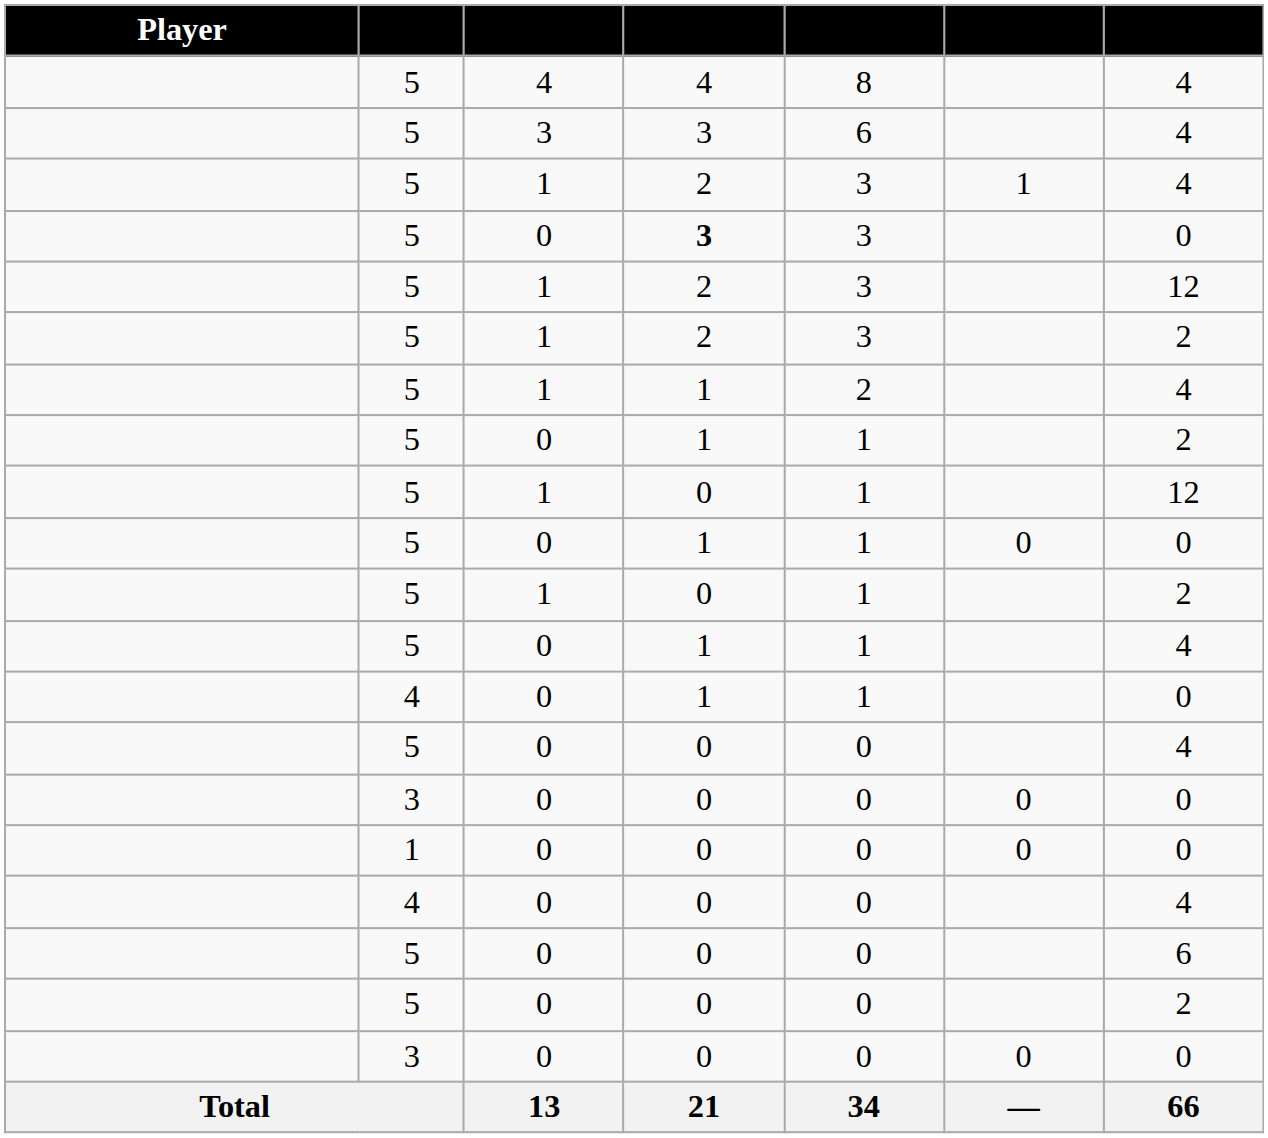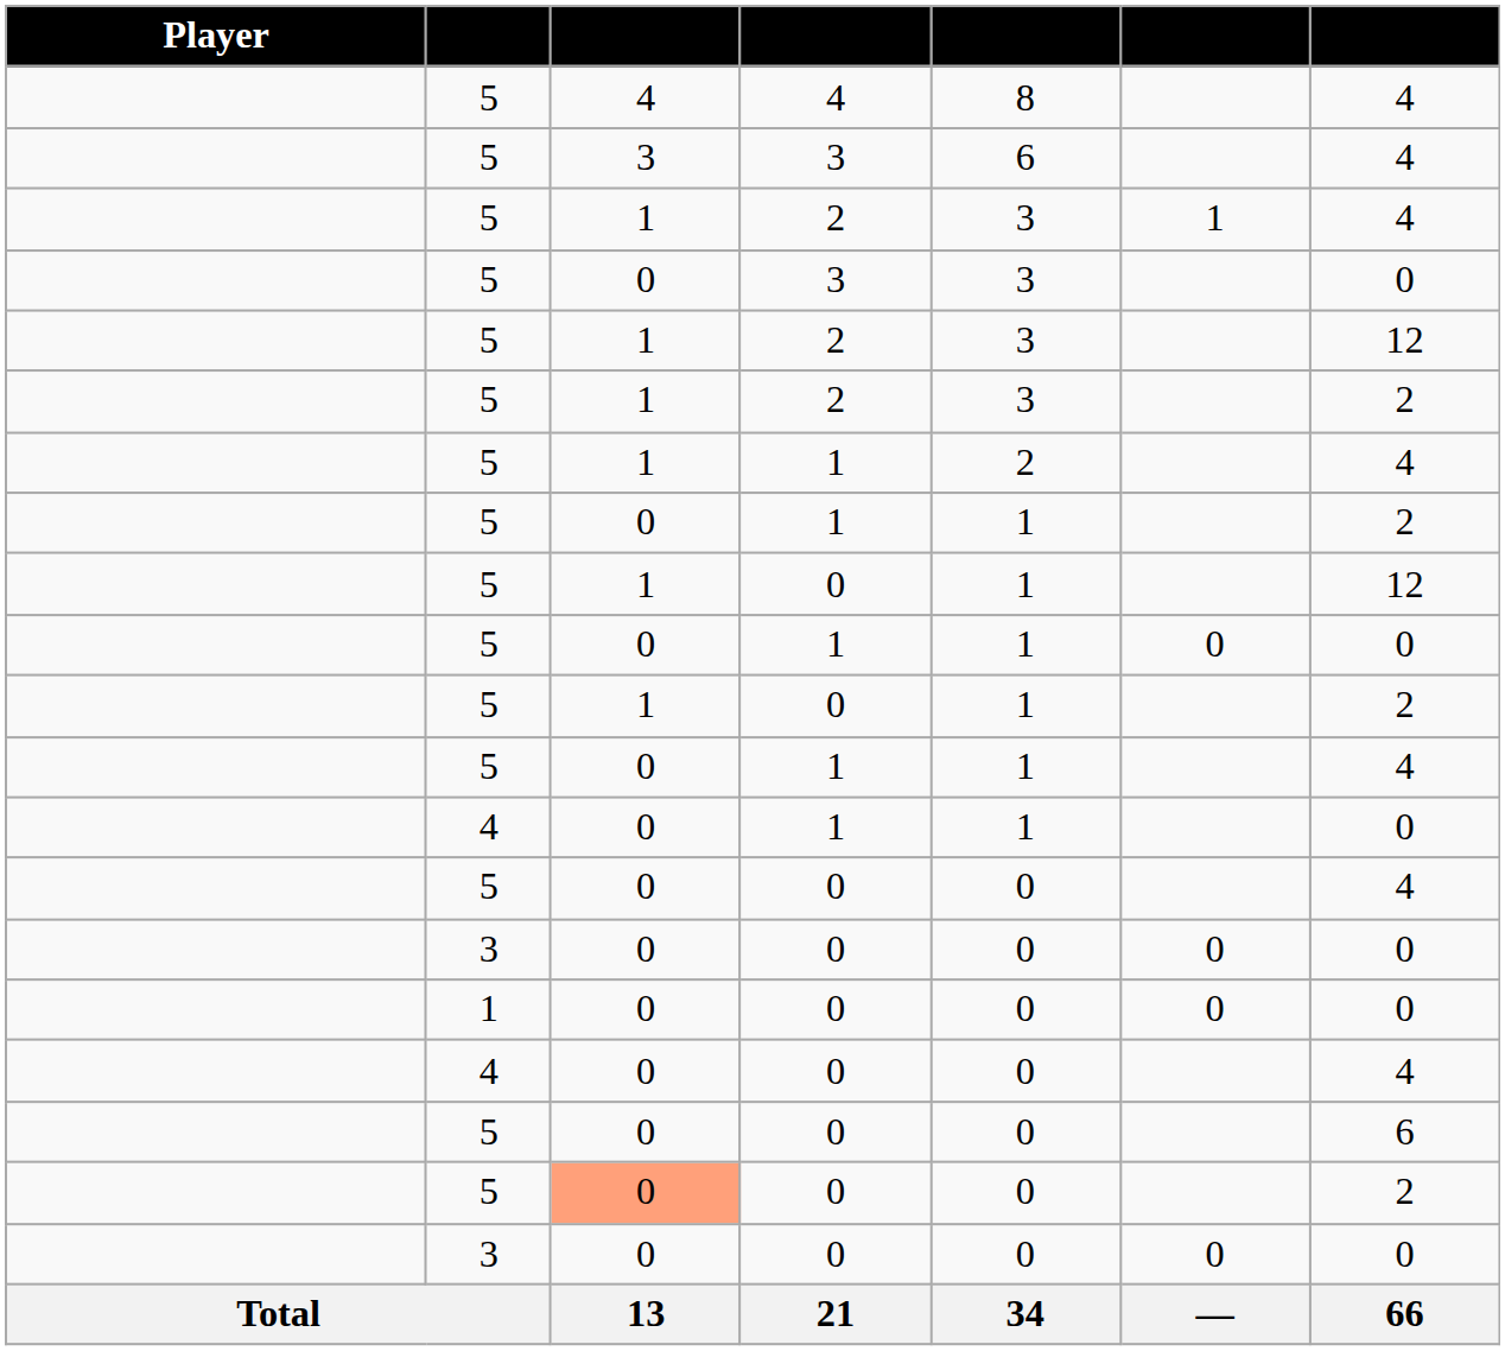 <table class="wikitable sortable" style="width:100%; text-align:center;">
 <tr>
 <th style="color:white; background:#000000; ">Player</th>
 <th style="color:white; background:#000000; "></th>
 <th style="color:white; background:#000000; "></th>
 <th style="color:white; background:#000000; "></th>
 <th style="color:white; background:#000000; "></th>
 <th style="color:white; background:#000000; "></th>
 <th style="color:white; background:#000000; "></th>
 </tr>
 <tr>
 <td></td>
 <td>5</td>
 <td>4</td>
 <td>4</td>
 <td>8</td>
 <td></td>
 <td>4</td>
 </tr>
 <tr>
 <td></td>
 <td>5</td>
 <td>3</td>
 <td>3</td>
 <td>6</td>
 <td></td>
 <td>4</td>
 </tr>
 <tr>
 <td></td>
 <td>5</td>
 <td>1</td>
 <td>2</td>
 <td>3</td>
 <td>1</td>
 <td>4</td>
 </tr>
 <tr>
 <td></td>
 <td>5</td>
 <td>0</td>
-<td><strong>3</strong></td>
+<td>3</td>
 <td>3</td>
 <td></td>
 <td>0</td>
 </tr>
 <tr>
 <td></td>
 <td>5</td>
 <td>1</td>
 <td>2</td>
 <td>3</td>
 <td></td>
 <td>12</td>
 </tr>
 <tr>
 <td></td>
 <td>5</td>
 <td>1</td>
 <td>2</td>
 <td>3</td>
 <td></td>
 <td>2</td>
 </tr>
 <tr>
 <td></td>
 <td>5</td>
 <td>1</td>
 <td>1</td>
 <td>2</td>
 <td></td>
 <td>4</td>
 </tr>
 <tr>
 <td></td>
 <td>5</td>
 <td>0</td>
 <td>1</td>
 <td>1</td>
 <td></td>
 <td>2</td>
 </tr>
 <tr>
 <td></td>
 <td>5</td>
 <td>1</td>
 <td>0</td>
 <td>1</td>
 <td></td>
 <td>12</td>
 </tr>
 <tr>
 <td></td>
 <td>5</td>
 <td>0</td>
 <td>1</td>
 <td>1</td>
 <td>0</td>
 <td>0</td>
 </tr>
 <tr>
 <td></td>
 <td>5</td>
 <td>1</td>
 <td>0</td>
 <td>1</td>
 <td></td>
 <td>2</td>
 </tr>
 <tr>
 <td></td>
 <td>5</td>
 <td>0</td>
 <td>1</td>
 <td>1</td>
 <td></td>
 <td>4</td>
 </tr>
 <tr>
 <td></td>
 <td>4</td>
 <td>0</td>
 <td>1</td>
 <td>1</td>
 <td></td>
 <td>0</td>
 </tr>
 <tr>
 <td></td>
 <td>5</td>
 <td>0</td>
 <td>0</td>
 <td>0</td>
 <td></td>
 <td>4</td>
 </tr>
 <tr>
 <td></td>
 <td>3</td>
 <td>0</td>
 <td>0</td>
 <td>0</td>
 <td>0</td>
 <td>0</td>
 </tr>
 <tr>
 <td></td>
 <td>1</td>
 <td>0</td>
 <td>0</td>
 <td>0</td>
 <td>0</td>
 <td>0</td>
 </tr>
 <tr>
 <td></td>
 <td>4</td>
 <td>0</td>
 <td>0</td>
 <td>0</td>
 <td></td>
 <td>4</td>
 </tr>
 <tr>
 <td></td>
 <td>5</td>
 <td>0</td>
 <td>0</td>
 <td>0</td>
 <td></td>
 <td>6</td>
 </tr>
 <tr>
 <td></td>
 <td>5</td>
-<td>0</td>
+<td style="background: lightsalmon;">0</td>
 <td>0</td>
 <td>0</td>
 <td></td>
 <td>2</td>
 </tr>
 <tr>
 <td></td>
 <td>3</td>
 <td>0</td>
 <td>0</td>
 <td>0</td>
 <td>0</td>
 <td>0</td>
 </tr>
 <tr class="sortbotom">
 <th colspan=2>Total</th>
 <th>13</th>
 <th>21</th>
 <th>34</th>
 <th>—</th>
 <th>66</th>
 </tr>
 </table>
